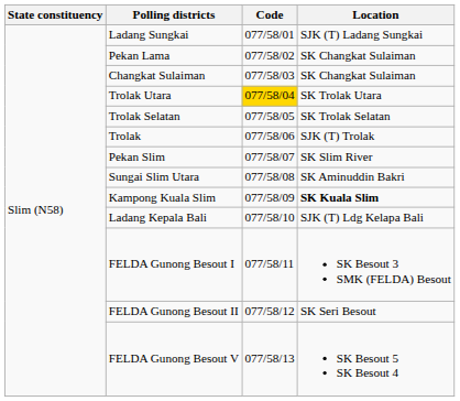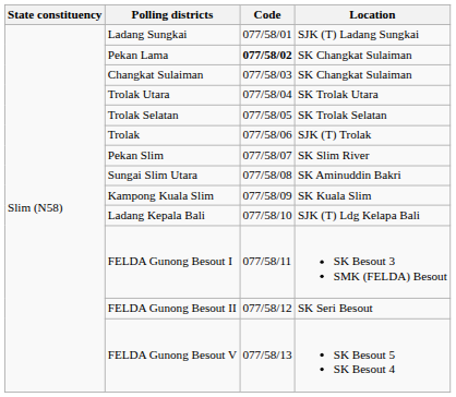 <table class="wikitable sortable mw-collapsible" style="white-space:nowrap;font-size:85%">
 <tr>
 <th>State constituency</th>
 <th>Polling districts</th>
 <th>Code</th>
 <th>Location</th>
 </tr>
 <tr>
 <td rowspan="13">Slim (N58)</td>
 <td>Ladang Sungkai</td>
 <td>077/58/01</td>
 <td>SJK (T) Ladang Sungkai</td>
 </tr>
 <tr>
 <td>Pekan Lama</td>
-<td>077/58/02</td>
+<td><strong>077/58/02</strong></td>
 <td>SK Changkat Sulaiman</td>
 </tr>
 <tr>
 <td>Changkat Sulaiman</td>
 <td>077/58/03</td>
 <td>SK Changkat Sulaiman</td>
 </tr>
 <tr>
 <td>Trolak Utara</td>
-<td style="background: gold;">077/58/04</td>
+<td>077/58/04</td>
 <td>SK Trolak Utara</td>
 </tr>
 <tr>
 <td>Trolak Selatan</td>
 <td>077/58/05</td>
 <td>SK Trolak Selatan</td>
 </tr>
 <tr>
 <td>Trolak</td>
 <td>077/58/06</td>
 <td>SJK (T) Trolak</td>
 </tr>
 <tr>
 <td>Pekan Slim</td>
 <td>077/58/07</td>
 <td>SK Slim River</td>
 </tr>
 <tr>
 <td>Sungai Slim Utara</td>
 <td>077/58/08</td>
 <td>SK Aminuddin Bakri</td>
 </tr>
 <tr>
 <td>Kampong Kuala Slim</td>
 <td>077/58/09</td>
-<td><strong>SK Kuala Slim</strong></td>
+<td>SK Kuala Slim</td>
 </tr>
 <tr>
 <td>Ladang Kepala Bali</td>
 <td>077/58/10</td>
 <td>SJK (T) Ldg Kelapa Bali</td>
 </tr>
 <tr>
 <td>FELDA Gunong Besout I</td>
 <td>077/58/11</td>
 <td><br><ul><li>SK Besout 3</li><li>SMK (FELDA) Besout</li></ul></td>
 </tr>
 <tr>
 <td>FELDA Gunong Besout II</td>
 <td>077/58/12</td>
 <td>SK Seri Besout</td>
 </tr>
 <tr>
 <td>FELDA Gunong Besout V</td>
 <td>077/58/13</td>
 <td><br><ul><li>SK Besout 5</li><li>SK Besout 4</li></ul></td>
 </tr>
 </table>
